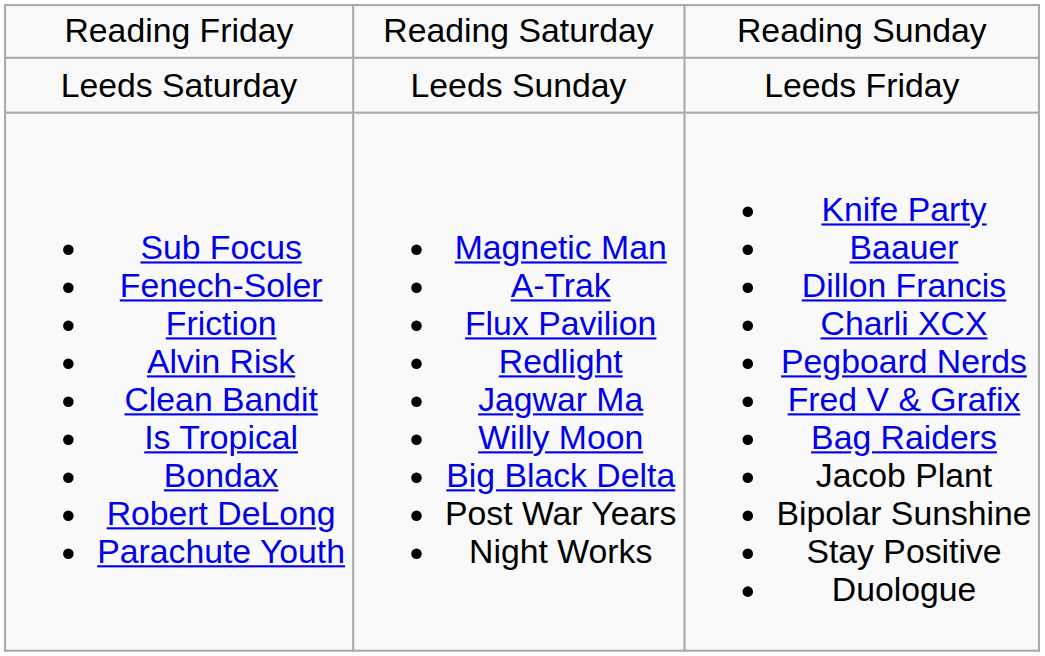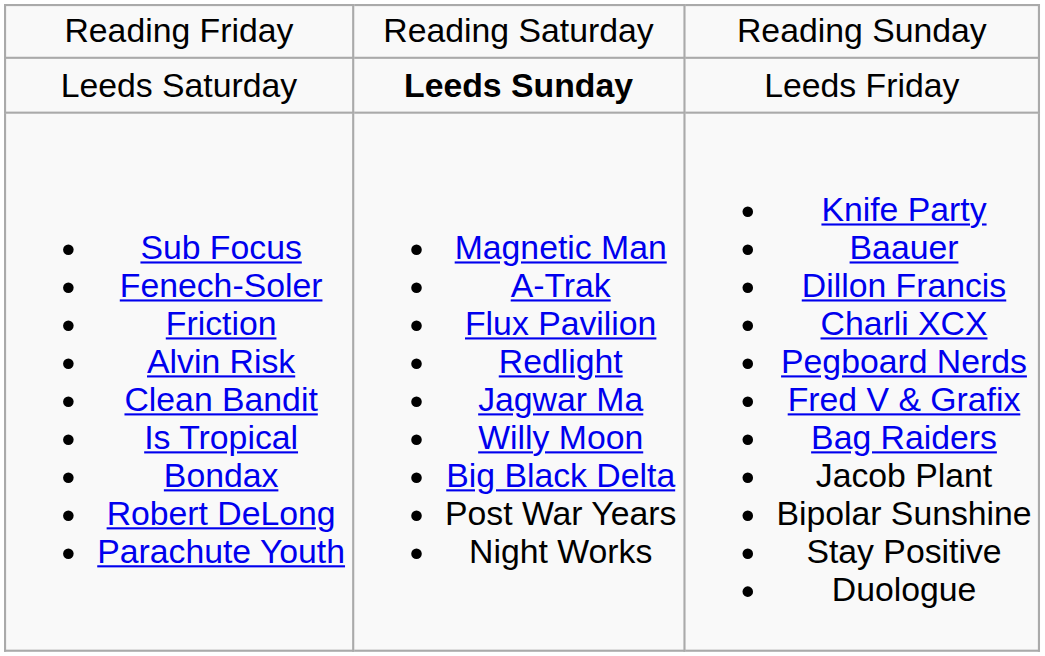 <table class="wikitable" style="text-align:center;">
 <tr>
 <td>Reading Friday</td>
 <td>Reading Saturday</td>
 <td>Reading Sunday</td>
 </tr>
 <tr>
 <td>Leeds Saturday</td>
-<td>Leeds Sunday</td>
+<td><strong>Leeds Sunday</strong></td>
 <td>Leeds Friday</td>
 </tr>
 <tr>
 <td><br><ul><li><a href='#'>Sub Focus</a></li><li><a href='#'>Fenech-Soler</a></li><li><a href='#'>Friction</a></li><li><a href='#'>Alvin Risk</a></li><li><a href='#'>Clean Bandit</a></li><li><a href='#'>Is Tropical</a></li><li><a href='#'>Bondax</a></li><li><a href='#'>Robert DeLong</a></li><li><a href='#'>Parachute Youth</a></li></ul></td>
 <td><br><ul><li><a href='#'>Magnetic Man</a></li><li><a href='#'>A-Trak</a></li><li><a href='#'>Flux Pavilion</a></li><li><a href='#'>Redlight</a></li><li><a href='#'>Jagwar Ma</a></li><li><a href='#'>Willy Moon</a></li><li><a href='#'>Big Black Delta</a></li><li>Post War Years</li><li>Night Works</li></ul></td>
 <td><br><ul><li><a href='#'>Knife Party</a></li><li><a href='#'>Baauer</a></li><li><a href='#'>Dillon Francis</a></li><li><a href='#'>Charli XCX</a></li><li><a href='#'>Pegboard Nerds</a></li><li><a href='#'>Fred V & Grafix</a></li><li><a href='#'>Bag Raiders</a></li><li>Jacob Plant</li><li>Bipolar Sunshine</li><li>Stay Positive</li><li>Duologue</li></ul></td>
 </tr>
 </table>
